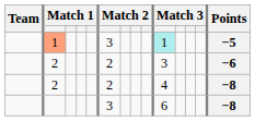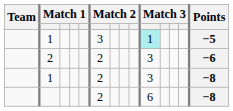 <table class="wikitable sortable" style="text-align:center;">
 <tr>
 <th rowspan=2>Team</th>
 <th colspan=4 style="border-left:3px solid gray">Match 1</th>
 <th colspan=4 style="border-left:3px solid gray">Match 2</th>
 <th colspan=4 style="border-left:3px solid gray">Match 3</th>
 <th rowspan=2 style="border-left:3px solid gray">Points</th>
 </tr>
 <tr>
 <th style="border-left:3px solid gray"></th>
 <th></th>
 <th></th>
 <th></th>
 <th style="border-left:3px solid gray"></th>
 <th></th>
 <th></th>
 <th></th>
 <th style="border-left:3px solid gray"></th>
 <th></th>
 <th></th>
 <th></th>
 </tr>
 <tr>
 <td align=left></td>
-<td style="background: lightsalmon; border-left:3px solid gray">1</td>
+<td style="border-left:3px solid gray">1</td>
 <td></td>
 <td></td>
 <td></td>
 <td style="border-left:3px solid gray">3</td>
 <td></td>
 <td></td>
 <td></td>
 <td style="background: paleturquoise; border-left:3px solid gray">1</td>
 <td></td>
 <td></td>
 <td></td>
 <th style="border-left:3px solid gray">−5</th>
 </tr>
 <tr>
 <td align=left></td>
 <td style="border-left:3px solid gray">2</td>
 <td></td>
 <td></td>
 <td></td>
 <td style="border-left:3px solid gray">2</td>
 <td></td>
 <td></td>
 <td></td>
 <td style="border-left:3px solid gray">3</td>
 <td></td>
 <td></td>
 <td></td>
 <th style="border-left:3px solid gray">−6</th>
 </tr>
 <tr>
 <td align=left></td>
-<td style="border-left:3px solid gray">2</td>
+<td style="border-left:3px solid gray">1</td>
 <td></td>
 <td></td>
 <td></td>
 <td style="border-left:3px solid gray">2</td>
 <td></td>
 <td></td>
 <td></td>
-<td style="border-left:3px solid gray">4</td>
+<td style="border-left:3px solid gray">3</td>
 <td></td>
 <td></td>
 <td></td>
 <th style="border-left:3px solid gray">−8</th>
 </tr>
 <tr>
 <td align=left></td>
 <td style="border-left:3px solid gray"></td>
 <td></td>
 <td></td>
 <td></td>
-<td style="border-left:3px solid gray">3</td>
+<td style="border-left:3px solid gray">2</td>
 <td></td>
 <td></td>
 <td></td>
 <td style="border-left:3px solid gray">6</td>
 <td></td>
 <td></td>
 <td></td>
 <th style="border-left:3px solid gray">−8</th>
 </tr>
 </table>
